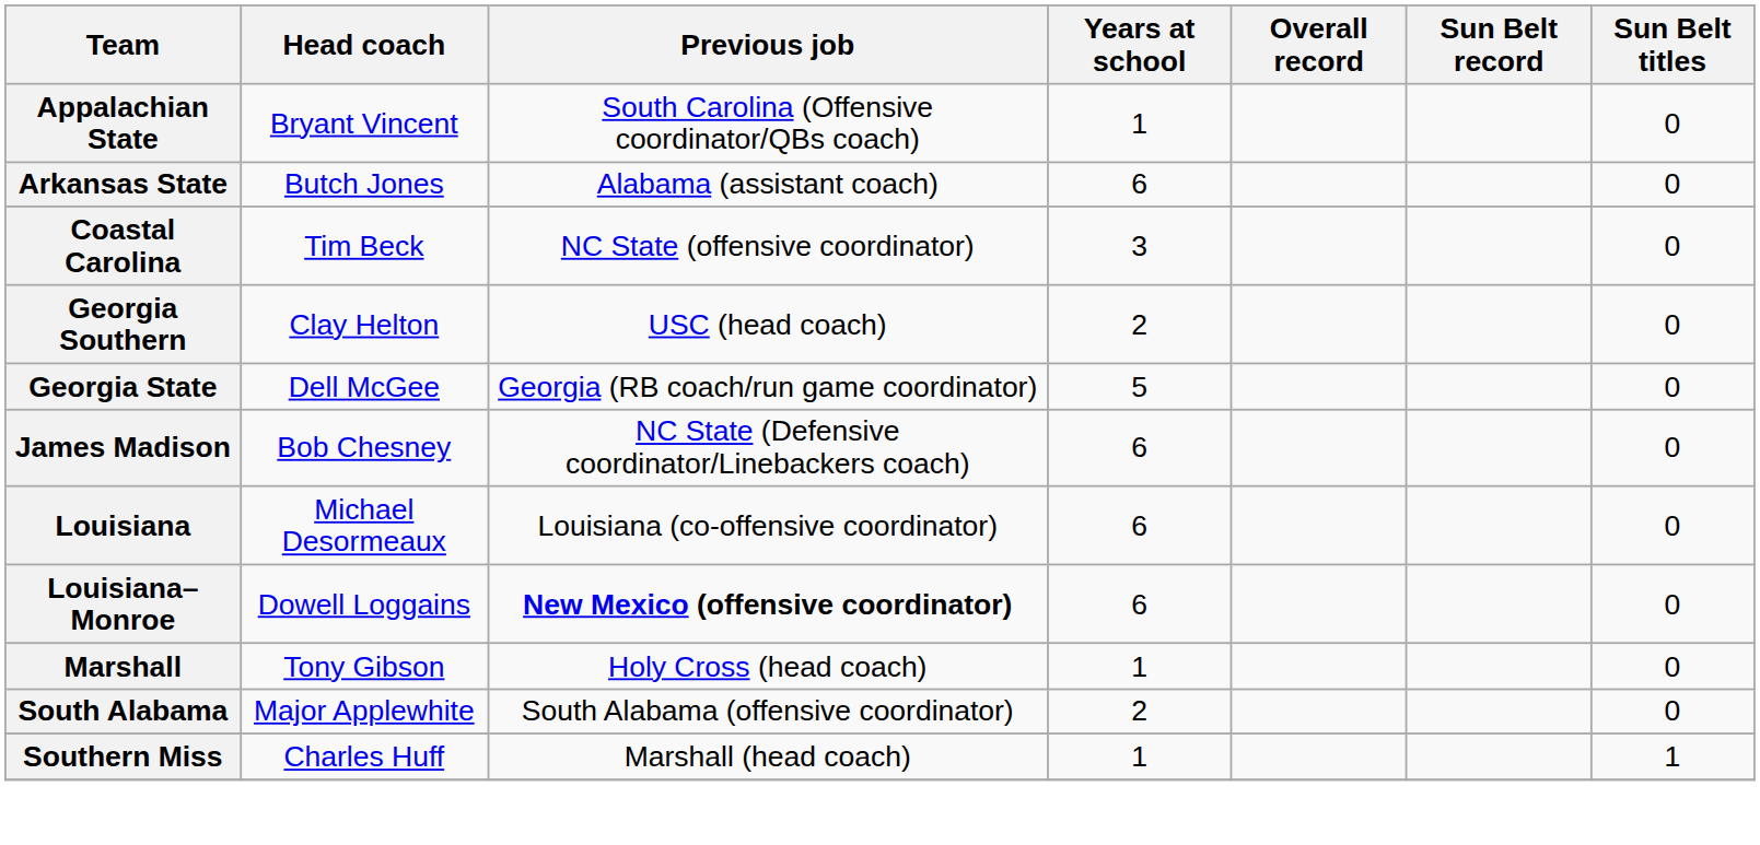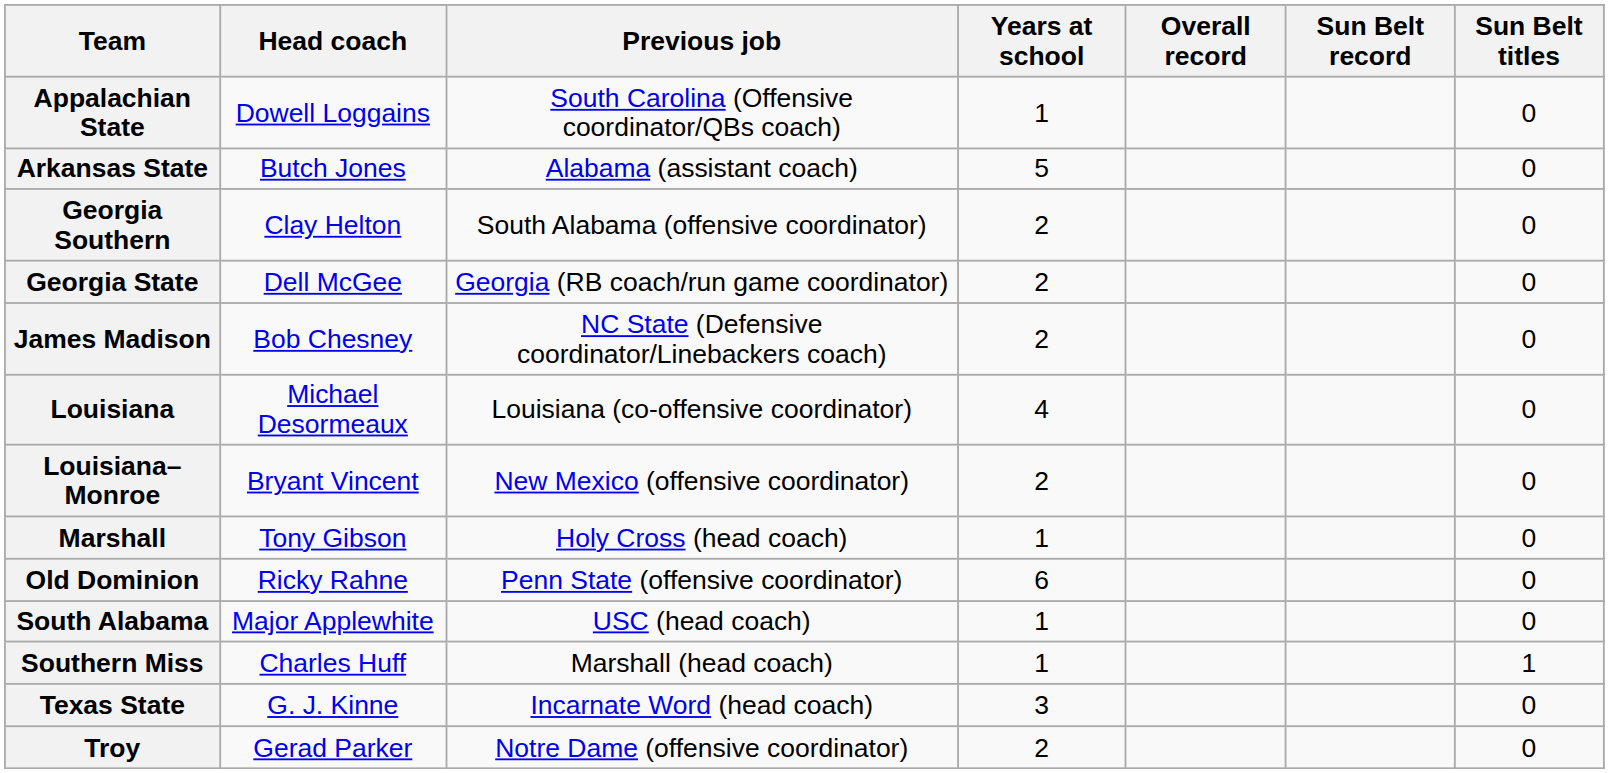 <table class="wikitable source" style="text-align: center;font-size:90%;">
 <tr>
 <th width="110">Team</th>
 <th>Head coach</th>
 <th>Previous job</th>
 <th>Years at school</th>
 <th>Overall record</th>
 <th>Sun Belt record</th>
 <th>Sun Belt titles</th>
 </tr>
 <tr>
 <th>Appalachian State</th>
-<td><a href='#'>Bryant Vincent</a></td>
+<td><a href='#'>Dowell Loggains</a></td>
 <td><a href='#'>South Carolina</a> (Offensive coordinator/QBs coach)</td>
 <td>1</td>
 <td></td>
 <td></td>
 <td>0</td>
 </tr>
 <tr>
 <th>Arkansas State</th>
 <td><a href='#'>Butch Jones</a></td>
 <td><a href='#'>Alabama</a> (assistant coach)</td>
-<td>6</td>
-<td></td>
-<td></td>
-<td>0</td>
-</tr>
-<tr>
-<th>Coastal Carolina</th>
-<td><a href='#'>Tim Beck</a></td>
-<td><a href='#'>NC State</a> (offensive coordinator)</td>
-<td>3</td>
+<td>5</td>
 <td></td>
 <td></td>
 <td>0</td>
 </tr>
 <tr>
 <th>Georgia Southern</th>
 <td><a href='#'>Clay Helton</a></td>
-<td><a href='#'>USC</a> (head coach)</td>
+<td>South Alabama (offensive coordinator)</td>
 <td>2</td>
 <td></td>
 <td></td>
 <td>0</td>
 </tr>
 <tr>
 <th>Georgia State</th>
 <td><a href='#'>Dell McGee</a></td>
 <td><a href='#'>Georgia</a> (RB coach/run game coordinator)</td>
-<td>5</td>
+<td>2</td>
 <td></td>
 <td></td>
 <td>0</td>
 </tr>
 <tr>
 <th>James Madison</th>
 <td><a href='#'>Bob Chesney</a></td>
 <td><a href='#'>NC State</a> (Defensive coordinator/Linebackers coach)</td>
-<td>6</td>
+<td>2</td>
 <td></td>
 <td></td>
 <td>0</td>
 </tr>
 <tr>
 <th>Louisiana</th>
 <td><a href='#'>Michael Desormeaux</a></td>
 <td>Louisiana (co-offensive coordinator)</td>
-<td>6</td>
+<td>4</td>
 <td></td>
 <td></td>
 <td>0</td>
 </tr>
 <tr>
 <th>Louisiana–Monroe</th>
-<td><a href='#'>Dowell Loggains</a></td>
-<td><strong><a href='#'>New Mexico</a> (offensive coordinator)</strong></td>
-<td>6</td>
+<td><a href='#'>Bryant Vincent</a></td>
+<td><a href='#'>New Mexico</a> (offensive coordinator)</td>
+<td>2</td>
 <td></td>
 <td></td>
 <td>0</td>
 </tr>
 <tr>
 <th>Marshall</th>
 <td><a href='#'>Tony Gibson</a></td>
 <td><a href='#'>Holy Cross</a> (head coach)</td>
 <td>1</td>
 <td></td>
 <td></td>
 <td>0</td>
 </tr>
 <tr>
+<th>Old Dominion</th>
+<td><a href='#'>Ricky Rahne</a></td>
+<td><a href='#'>Penn State</a> (offensive coordinator)</td>
+<td>6</td>
+<td></td>
+<td></td>
+<td>0</td>
+</tr>
+<tr>
 <th>South Alabama</th>
 <td><a href='#'>Major Applewhite</a></td>
-<td>South Alabama (offensive coordinator)</td>
-<td>2</td>
+<td><a href='#'>USC</a> (head coach)</td>
+<td>1</td>
 <td></td>
 <td></td>
 <td>0</td>
 </tr>
 <tr>
 <th>Southern Miss</th>
 <td><a href='#'>Charles Huff</a></td>
 <td>Marshall (head coach)</td>
 <td>1</td>
 <td></td>
 <td></td>
 <td>1</td>
 </tr>
 <tr>
+<th>Texas State</th>
+<td><a href='#'>G. J. Kinne</a></td>
+<td><a href='#'>Incarnate Word</a> (head coach)</td>
+<td>3</td>
+<td></td>
+<td></td>
+<td>0</td>
+</tr>
+<tr>
+<th>Troy</th>
+<td><a href='#'>Gerad Parker</a></td>
+<td><a href='#'>Notre Dame</a> (offensive coordinator)</td>
+<td>2</td>
+<td></td>
+<td></td>
+<td>0</td>
+</tr>
+<tr>
 </tr>
 </table>
